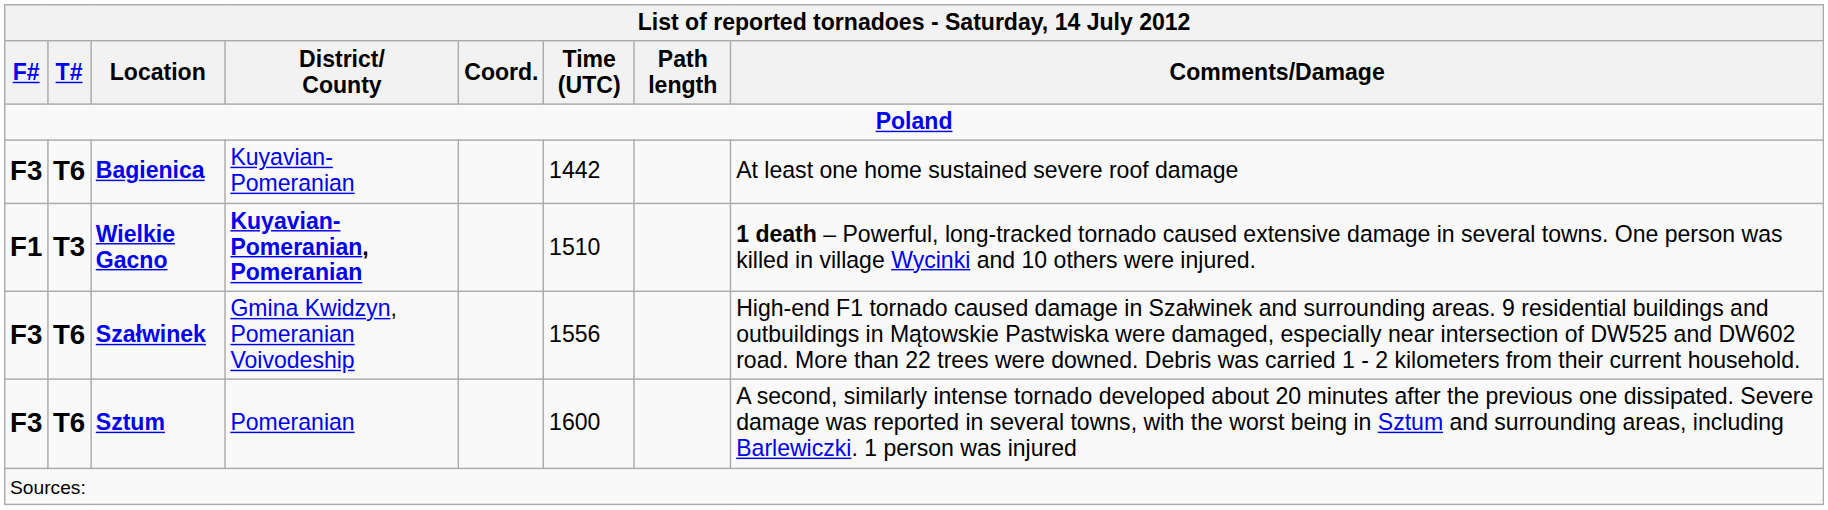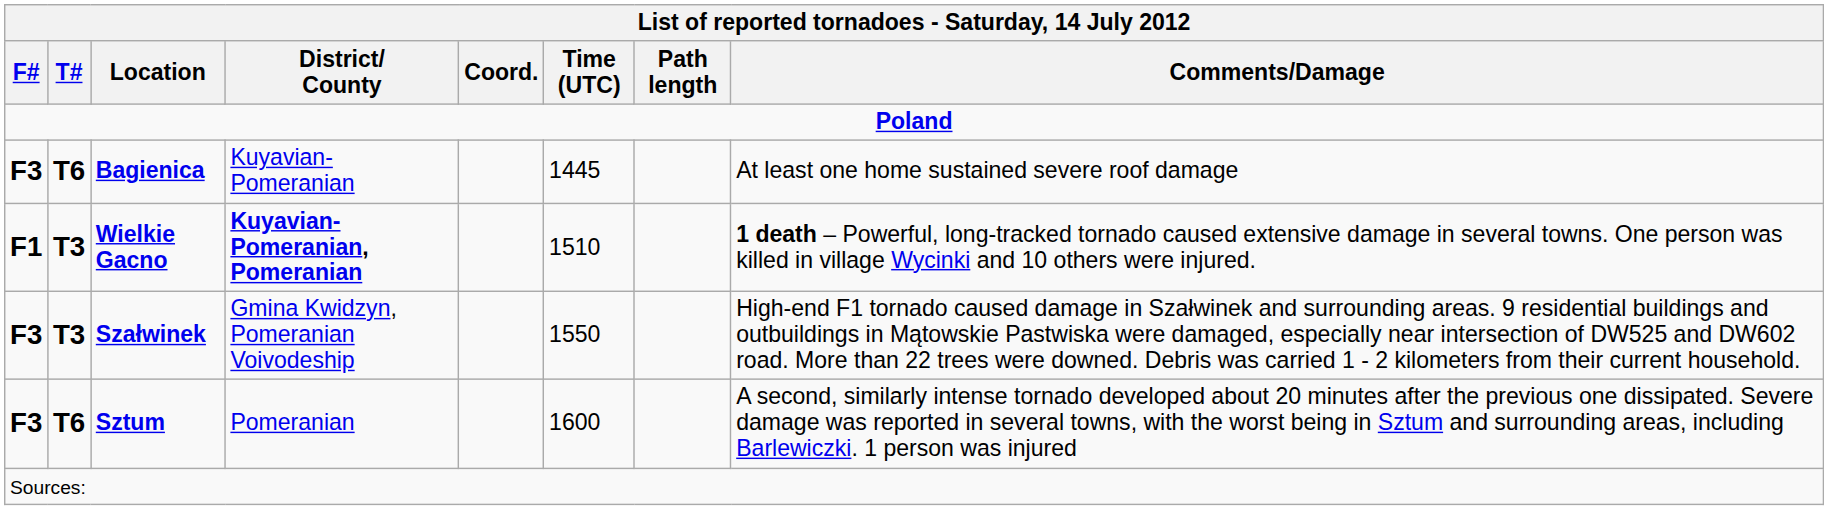 <table class="wikitable collapsible" width="100%">
 <tr>
 <th colspan="8">List of reported tornadoes - Saturday, 14 July 2012</th>
 </tr>
 <tr>
 <th><a href='#'>F#</a></th>
 <th><a href='#'>T#</a></th>
 <th>Location</th>
 <th>District/<br>County</th>
 <th>Coord.</th>
 <th>Time (UTC)</th>
 <th>Path length</th>
 <th>Comments/Damage</th>
 </tr>
 <tr>
 <td colspan="8" align=center><strong><a href='#'>Poland</a></strong></td>
 </tr>
 <tr>
 <td><big><strong>F3</strong></big></td>
 <td><big><strong>T6</strong></big></td>
 <td><strong><a href='#'>Bagienica</a></strong></td>
 <td><a href='#'>Kuyavian-Pomeranian</a></td>
 <td></td>
-<td>1442</td>
+<td>1445</td>
 <td></td>
 <td>At least one home sustained severe roof damage</td>
 </tr>
 <tr>
 <td><big><strong>F1</strong></big></td>
 <td><big><strong>T3</strong></big></td>
 <td><strong><a href='#'>Wielkie Gacno</a></strong></td>
 <td><strong><a href='#'>Kuyavian-Pomeranian</a>, <a href='#'>Pomeranian</a></strong></td>
 <td></td>
 <td>1510</td>
 <td></td>
 <td><strong>1 death</strong> – Powerful, long-tracked tornado caused extensive damage in several towns. One person was killed in village <a href='#'>Wycinki</a> and 10 others were injured.</td>
 </tr>
 <tr>
 <td><big><strong>F3</strong></big></td>
-<td><big><strong>T6</strong></big></td>
+<td><big><strong>T3</strong></big></td>
 <td><strong><a href='#'>Szałwinek</a></strong></td>
 <td><a href='#'>Gmina Kwidzyn</a>, <a href='#'>Pomeranian Voivodeship</a></td>
 <td></td>
-<td>1556</td>
+<td>1550</td>
 <td></td>
 <td>High-end F1 tornado caused damage in Szałwinek and surrounding areas. 9 residential buildings and outbuildings in Mątowskie Pastwiska were damaged, especially near intersection of DW525 and DW602 road. More than 22 trees were downed. Debris was carried 1 - 2 kilometers from their current household.</td>
 </tr>
 <tr>
 <td><big><strong>F3</strong></big></td>
 <td><big><strong>T6</strong></big></td>
 <td><strong><a href='#'>Sztum</a></strong></td>
 <td><a href='#'>Pomeranian</a></td>
 <td></td>
 <td>1600</td>
 <td></td>
 <td>A second, similarly intense tornado developed about 20 minutes after the previous one dissipated. Severe damage was reported in several towns, with the worst being in <a href='#'>Sztum</a> and surrounding areas, including <a href='#'>Barlewiczki</a>. 1 person was injured</td>
 </tr>
 <tr>
 <td colspan="8"><small>Sources:  </small></td>
 </tr>
 </table>
